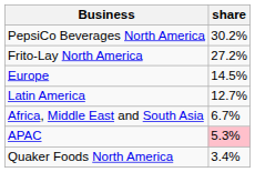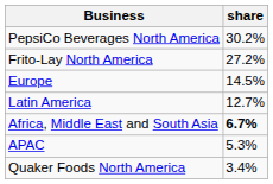 <table class="wikitable floatright">
 <tr>
 <th>Business</th>
 <th>share</th>
 </tr>
 <tr>
 <td>PepsiCo Beverages <a href='#'>North America</a></td>
 <td>30.2%</td>
 </tr>
 <tr>
 <td>Frito-Lay <a href='#'>North America</a></td>
 <td>27.2%</td>
 </tr>
 <tr>
 <td><a href='#'>Europe</a></td>
 <td>14.5%</td>
 </tr>
 <tr>
 <td><a href='#'>Latin America</a></td>
 <td>12.7%</td>
 </tr>
 <tr>
 <td><a href='#'>Africa</a>, <a href='#'>Middle East</a> and <a href='#'>South Asia</a></td>
-<td>6.7%</td>
+<td><strong>6.7%</strong></td>
 </tr>
 <tr>
 <td><a href='#'>APAC</a></td>
-<td style="background: pink;">5.3%</td>
+<td>5.3%</td>
 </tr>
 <tr>
 <td>Quaker Foods <a href='#'>North America</a></td>
 <td>3.4%</td>
 </tr>
 </table>
